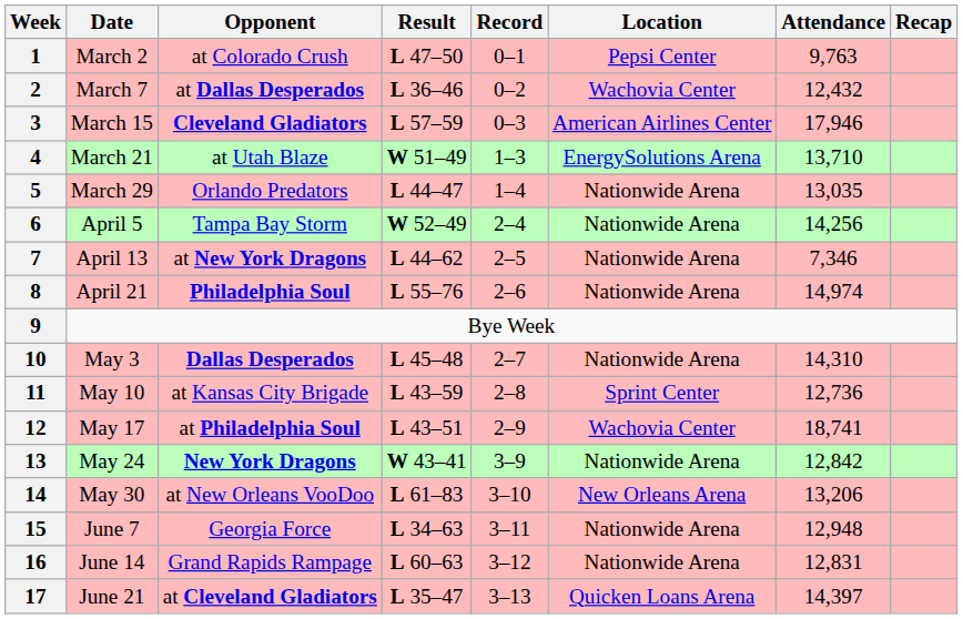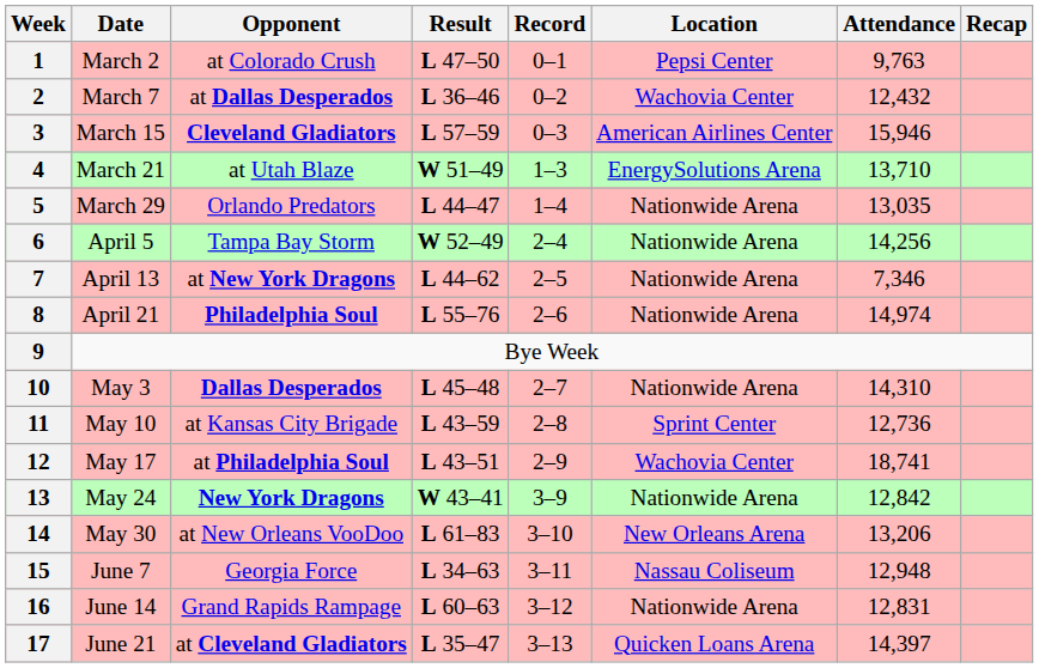 <table class="wikitable" style="text-align:center">
 <tr>
 <th>Week</th>
 <th>Date</th>
 <th>Opponent</th>
 <th>Result</th>
 <th>Record</th>
 <th>Location</th>
 <th>Attendance</th>
 <th>Recap</th>
 </tr>
 <tr bgcolor="#ffbbbb">
 <th>1</th>
 <td>March 2</td>
 <td>at <a href='#'>Colorado Crush</a></td>
 <td><strong>L</strong> 47–50</td>
 <td>0–1</td>
 <td><a href='#'>Pepsi Center</a></td>
 <td>9,763</td>
 <td></td>
 </tr>
 <tr bgcolor="#ffbbbb">
 <th>2</th>
 <td>March 7</td>
 <td>at <strong><a href='#'>Dallas Desperados</a></strong></td>
 <td><strong>L</strong> 36–46</td>
 <td>0–2</td>
 <td><a href='#'>Wachovia Center</a></td>
 <td>12,432</td>
 <td></td>
 </tr>
 <tr bgcolor="#ffbbbb">
 <th>3</th>
 <td>March 15</td>
 <td><strong><a href='#'>Cleveland Gladiators</a></strong></td>
 <td><strong>L</strong> 57–59</td>
 <td>0–3</td>
 <td><a href='#'>American Airlines Center</a></td>
-<td>17,946</td>
+<td>15,946</td>
 <td></td>
 </tr>
 <tr bgcolor="#bbffbb">
 <th>4</th>
 <td>March 21</td>
 <td>at <a href='#'>Utah Blaze</a></td>
 <td><strong>W</strong> 51–49</td>
 <td>1–3</td>
 <td><a href='#'>EnergySolutions Arena</a></td>
 <td>13,710</td>
 <td></td>
 </tr>
 <tr bgcolor="#ffbbbb">
 <th>5</th>
 <td>March 29</td>
 <td><a href='#'>Orlando Predators</a></td>
 <td><strong>L</strong> 44–47</td>
 <td>1–4</td>
 <td>Nationwide Arena</td>
 <td>13,035</td>
 <td></td>
 </tr>
 <tr bgcolor="#bbffbb">
 <th>6</th>
 <td>April 5</td>
 <td><a href='#'>Tampa Bay Storm</a></td>
 <td><strong>W</strong> 52–49</td>
 <td>2–4</td>
 <td>Nationwide Arena</td>
 <td>14,256</td>
 <td></td>
 </tr>
 <tr bgcolor="#ffbbbb">
 <th>7</th>
 <td>April 13</td>
 <td>at <strong><a href='#'>New York Dragons</a></strong></td>
 <td><strong>L</strong> 44–62</td>
 <td>2–5</td>
 <td>Nationwide Arena</td>
 <td>7,346</td>
 <td></td>
 </tr>
 <tr bgcolor="#ffbbbb">
 <th>8</th>
 <td>April 21</td>
 <td><strong><a href='#'>Philadelphia Soul</a></strong></td>
 <td><strong>L</strong> 55–76</td>
 <td>2–6</td>
 <td>Nationwide Arena</td>
 <td>14,974</td>
 <td></td>
 </tr>
 <tr>
 <th>9</th>
 <td colspan=7>Bye Week</td>
 </tr>
 <tr bgcolor="#ffbbbb">
 <th>10</th>
 <td>May 3</td>
 <td><strong><a href='#'>Dallas Desperados</a></strong></td>
 <td><strong>L</strong> 45–48</td>
 <td>2–7</td>
 <td>Nationwide Arena</td>
 <td>14,310</td>
 <td></td>
 </tr>
 <tr bgcolor="#ffbbbb">
 <th>11</th>
 <td>May 10</td>
 <td>at <a href='#'>Kansas City Brigade</a></td>
 <td><strong>L</strong> 43–59</td>
 <td>2–8</td>
 <td><a href='#'>Sprint Center</a></td>
 <td>12,736</td>
 <td></td>
 </tr>
 <tr bgcolor="#ffbbbb">
 <th>12</th>
 <td>May 17</td>
 <td>at <strong><a href='#'>Philadelphia Soul</a></strong></td>
 <td><strong>L</strong> 43–51</td>
 <td>2–9</td>
 <td><a href='#'>Wachovia Center</a></td>
 <td>18,741</td>
 <td></td>
 </tr>
 <tr bgcolor="#bbffbb">
 <th>13</th>
 <td>May 24</td>
 <td><strong><a href='#'>New York Dragons</a></strong></td>
 <td><strong>W</strong> 43–41</td>
 <td>3–9</td>
 <td>Nationwide Arena</td>
 <td>12,842</td>
 <td></td>
 </tr>
 <tr bgcolor="#ffbbbb">
 <th>14</th>
 <td>May 30</td>
 <td>at <a href='#'>New Orleans VooDoo</a></td>
 <td><strong>L</strong> 61–83</td>
 <td>3–10</td>
 <td><a href='#'>New Orleans Arena</a></td>
 <td>13,206</td>
 <td></td>
 </tr>
 <tr bgcolor="#ffbbbb">
 <th>15</th>
 <td>June 7</td>
 <td><a href='#'>Georgia Force</a></td>
 <td><strong>L</strong> 34–63</td>
 <td>3–11</td>
-<td>Nationwide Arena</td>
+<td><a href='#'>Nassau Coliseum</a></td>
 <td>12,948</td>
 <td></td>
 </tr>
 <tr bgcolor="#ffbbbb">
 <th>16</th>
 <td>June 14</td>
 <td><a href='#'>Grand Rapids Rampage</a></td>
 <td><strong>L</strong> 60–63</td>
 <td>3–12</td>
 <td>Nationwide Arena</td>
 <td>12,831</td>
 <td></td>
 </tr>
 <tr bgcolor="#ffbbbb">
 <th>17</th>
 <td>June 21</td>
 <td>at <strong><a href='#'>Cleveland Gladiators</a></strong></td>
 <td><strong>L</strong> 35–47</td>
 <td>3–13</td>
 <td><a href='#'>Quicken Loans Arena</a></td>
 <td>14,397</td>
 <td></td>
 </tr>
 </table>
